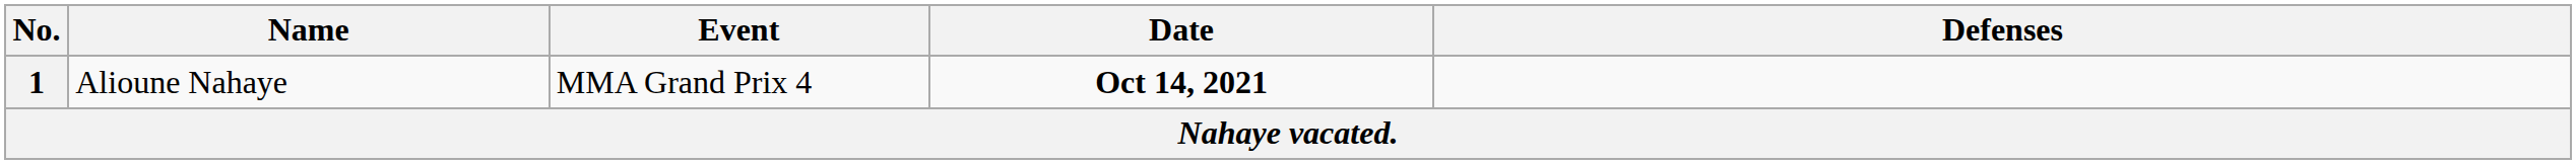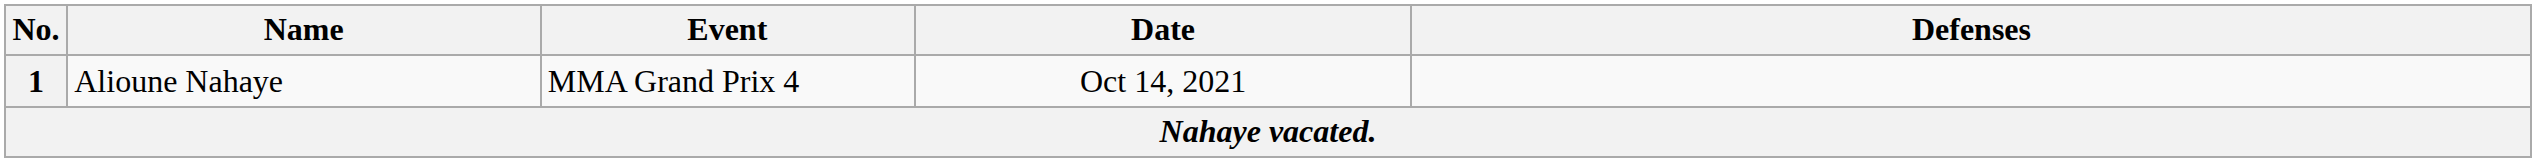 <table class="wikitable" width=100%>
 <tr>
 <th width=1%>No.</th>
 <th width=19%>Name</th>
 <th width=15%>Event</th>
 <th width=20%>Date</th>
 <th width=45%>Defenses</th>
 </tr>
 <tr>
 <th>1</th>
 <td> Alioune Nahaye <br></td>
 <td>MMA Grand Prix 4 <br></td>
-<td align=center><strong>Oct 14, 2021</strong></td>
+<td align=center>Oct 14, 2021</td>
 <td></td>
 </tr>
 <tr>
 <th colspan=5 align=center><em>Nahaye vacated.</em></th>
 </tr>
 <tr>
 </tr>
 </table>
